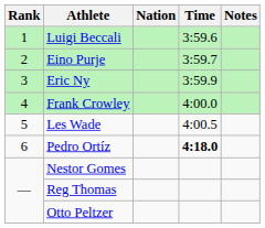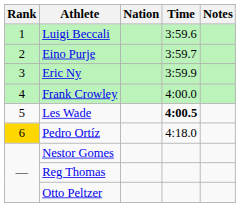 <table class="wikitable sortable" style="text-align:center">
 <tr>
 <th>Rank</th>
 <th>Athlete</th>
 <th>Nation</th>
 <th>Time</th>
 <th>Notes</th>
 </tr>
 <tr bgcolor=bbf3bb>
 <td>1</td>
 <td align=left><a href='#'>Luigi Beccali</a></td>
 <td align=left></td>
 <td>3:59.6</td>
 <td></td>
 </tr>
 <tr bgcolor=bbf3bb>
 <td>2</td>
 <td align=left><a href='#'>Eino Purje</a></td>
 <td align=left></td>
 <td>3:59.7</td>
 <td></td>
 </tr>
 <tr bgcolor=bbf3bb>
 <td>3</td>
 <td align=left><a href='#'>Eric Ny</a></td>
 <td align=left></td>
 <td>3:59.9</td>
 <td></td>
 </tr>
 <tr bgcolor=bbf3bb>
 <td>4</td>
 <td align=left><a href='#'>Frank Crowley</a></td>
 <td align=left></td>
 <td>4:00.0</td>
 <td></td>
 </tr>
 <tr>
 <td>5</td>
 <td align=left><a href='#'>Les Wade</a></td>
 <td align=left></td>
-<td>4:00.5</td>
+<td><strong>4:00.5</strong></td>
 <td></td>
 </tr>
 <tr>
-<td>6</td>
+<td style="background: gold;">6</td>
 <td align=left><a href='#'>Pedro Ortíz</a></td>
 <td align=left></td>
-<td><strong>4:18.0</strong></td>
+<td>4:18.0</td>
 <td></td>
 </tr>
 <tr>
 <td rowspan=3 data-sort-value=7>—</td>
 <td align=left><a href='#'>Nestor Gomes</a></td>
 <td align=left></td>
 <td></td>
 <td></td>
 </tr>
 <tr>
 <td align=left><a href='#'>Reg Thomas</a></td>
 <td align=left></td>
 <td></td>
 <td></td>
 </tr>
 <tr>
 <td align=left><a href='#'>Otto Peltzer</a></td>
 <td align=left></td>
 <td></td>
 <td></td>
 </tr>
 </table>
